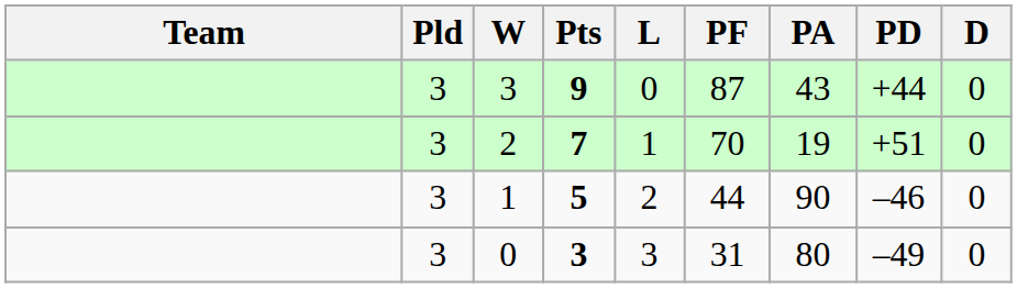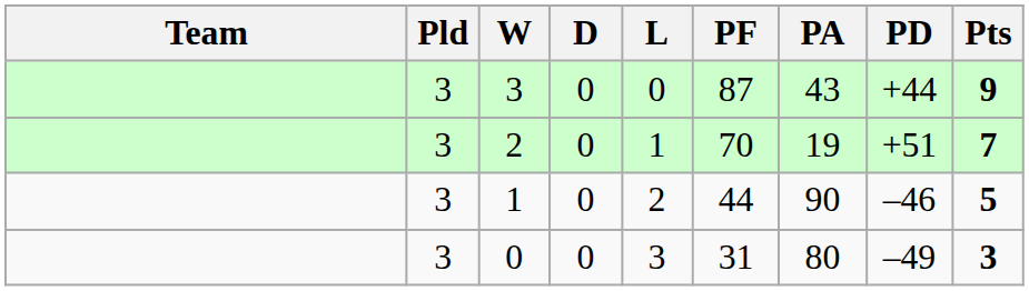 <table class="wikitable" style="text-align:center;">
 <tr>
 <th width=175>Team</th>
 <th width=25 abbr="Played">Pld</th>
 <th width=25 abbr="Won">W</th>
-<th width=25 abbr="Points">Pts</th>
+<th width=25 abbr="Drawn">D</th>
 <th width=25 abbr="Lost">L</th>
 <th width=32 abbr="Points for">PF</th>
 <th width=32 abbr="Points against">PA</th>
 <th width=32 abbr="Points difference">PD</th>
-<th width=25 abbr="Drawn">D</th>
+<th width=25 abbr="Points">Pts</th>
 </tr>
 <tr bgcolor=ccffcc>
 <td align=left></td>
 <td>3</td>
 <td>3</td>
-<td><strong>9</strong></td>
+<td>0</td>
 <td>0</td>
 <td>87</td>
 <td>43</td>
 <td>+44</td>
-<td>0</td>
+<td><strong>9</strong></td>
 </tr>
 <tr bgcolor=ccffcc>
 <td align=left></td>
 <td>3</td>
 <td>2</td>
-<td><strong>7</strong></td>
+<td>0</td>
 <td>1</td>
 <td>70</td>
 <td>19</td>
 <td>+51</td>
-<td>0</td>
+<td><strong>7</strong></td>
 </tr>
 <tr>
 <td align=left></td>
 <td>3</td>
 <td>1</td>
-<td><strong>5</strong></td>
+<td>0</td>
 <td>2</td>
 <td>44</td>
 <td>90</td>
 <td>–46</td>
-<td>0</td>
+<td><strong>5</strong></td>
 </tr>
 <tr>
 <td align=left></td>
 <td>3</td>
 <td>0</td>
-<td><strong>3</strong></td>
+<td>0</td>
 <td>3</td>
 <td>31</td>
 <td>80</td>
 <td>–49</td>
-<td>0</td>
+<td><strong>3</strong></td>
 </tr>
 </table>
